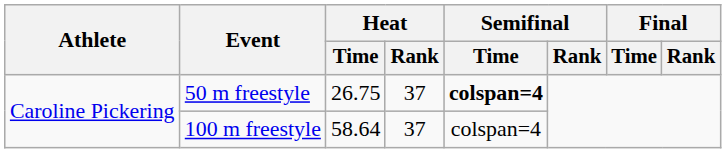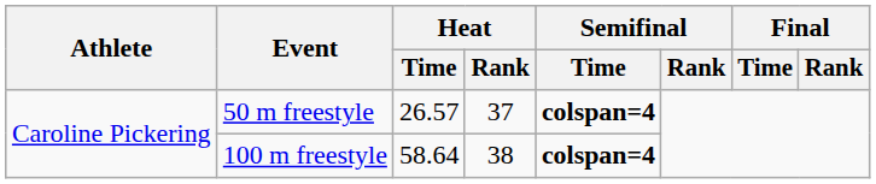 <table class=wikitable style=font-size:90%;text-align:center>
 <tr>
 <th rowspan=2>Athlete</th>
 <th rowspan=2>Event</th>
 <th colspan=2>Heat</th>
 <th colspan=2>Semifinal</th>
 <th colspan=2>Final</th>
 </tr>
 <tr style=font-size:95%>
 <th>Time</th>
 <th>Rank</th>
 <th>Time</th>
 <th>Rank</th>
 <th>Time</th>
 <th>Rank</th>
 </tr>
 <tr>
 <td align=left rowspan=2><a href='#'>Caroline Pickering</a></td>
 <td align=left><a href='#'>50 m freestyle</a></td>
-<td>26.75</td>
+<td>26.57</td>
 <td>37</td>
 <td><strong>colspan=4 </strong></td>
 </tr>
 <tr>
 <td align=left><a href='#'>100 m freestyle</a></td>
 <td>58.64</td>
-<td>37</td>
-<td>colspan=4 </td>
+<td>38</td>
+<td><strong>colspan=4 </strong></td>
 </tr>
 </table>
